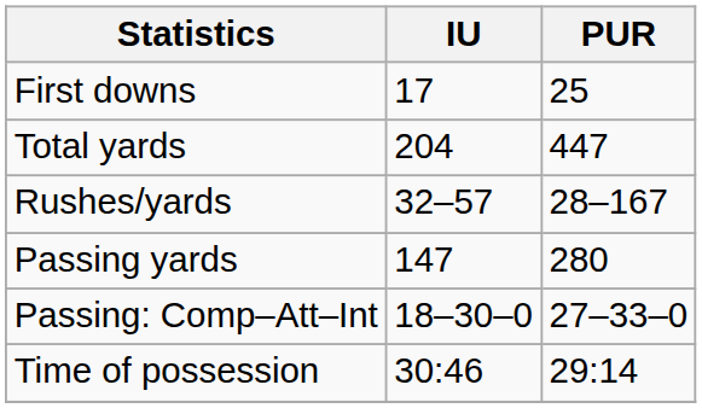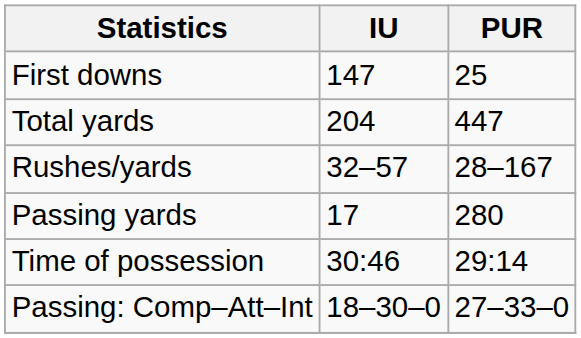 <table class="wikitable" style="float: left;">
 <tr>
 <th>Statistics</th>
 <th>IU</th>
 <th>PUR</th>
 </tr>
 <tr>
 <td>First downs</td>
-<td>17</td>
+<td>147</td>
 <td>25</td>
 </tr>
 <tr>
 <td>Total yards</td>
 <td>204</td>
 <td>447</td>
 </tr>
 <tr>
 <td>Rushes/yards</td>
 <td>32–57</td>
 <td>28–167</td>
 </tr>
 <tr>
 <td>Passing yards</td>
-<td>147</td>
+<td>17</td>
 <td>280</td>
+</tr>
+<tr>
+<td>Time of possession</td>
+<td>30:46</td>
+<td>29:14</td>
 </tr>
 <tr>
 <td>Passing: Comp–Att–Int</td>
 <td>18–30–0</td>
 <td>27–33–0</td>
 </tr>
 <tr>
-<td>Time of possession</td>
-<td>30:46</td>
-<td>29:14</td>
-</tr>
-<tr>
 </tr>
 </table>
